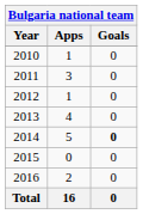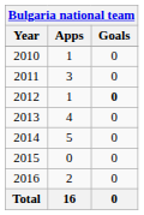 <table class="wikitable" style="text-align:center">
 <tr>
 <th colspan=3><a href='#'>Bulgaria national team</a></th>
 </tr>
 <tr>
 <th>Year</th>
 <th>Apps</th>
 <th>Goals</th>
 </tr>
 <tr>
 </tr>
 <tr>
 <td>2010</td>
 <td>1</td>
 <td>0</td>
 </tr>
 <tr>
 <td>2011</td>
 <td>3</td>
 <td>0</td>
 </tr>
 <tr>
 <td>2012</td>
 <td>1</td>
-<td>0</td>
+<td><strong>0</strong></td>
 </tr>
 <tr>
 <td>2013</td>
 <td>4</td>
 <td>0</td>
 </tr>
 <tr>
 <td>2014</td>
 <td>5</td>
-<td><strong>0</strong></td>
+<td>0</td>
 </tr>
 <tr>
 <td>2015</td>
 <td>0</td>
 <td>0</td>
 </tr>
 <tr>
 <td>2016</td>
 <td>2</td>
 <td>0</td>
 </tr>
 <tr>
 <th>Total</th>
 <th>16</th>
 <th>0</th>
 </tr>
 </table>
